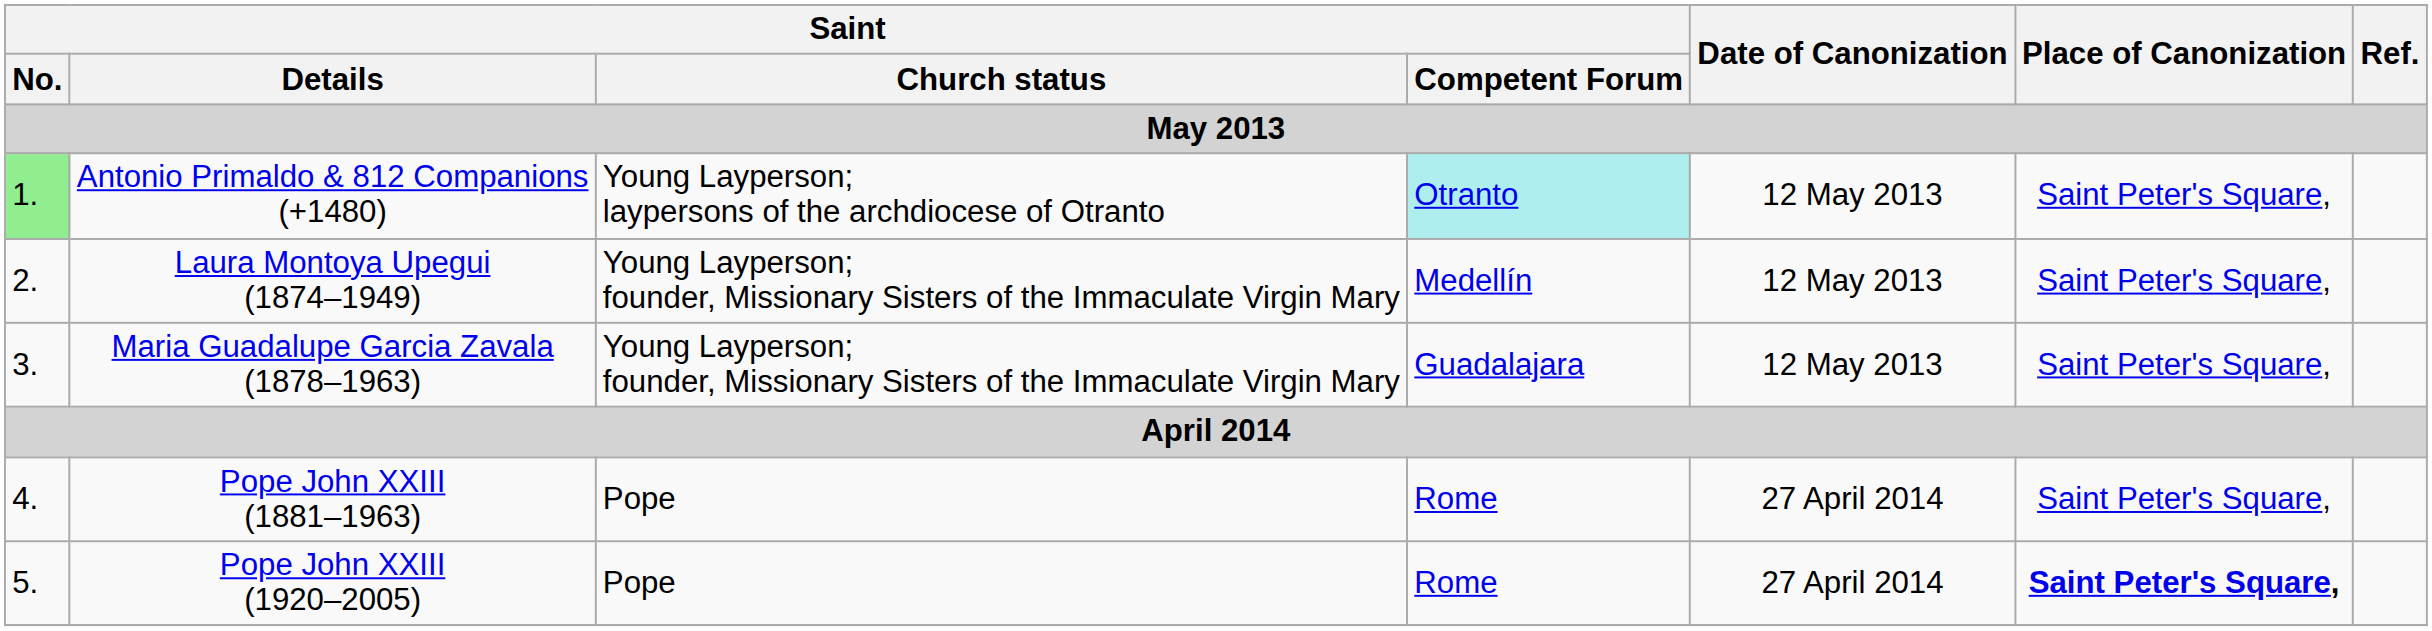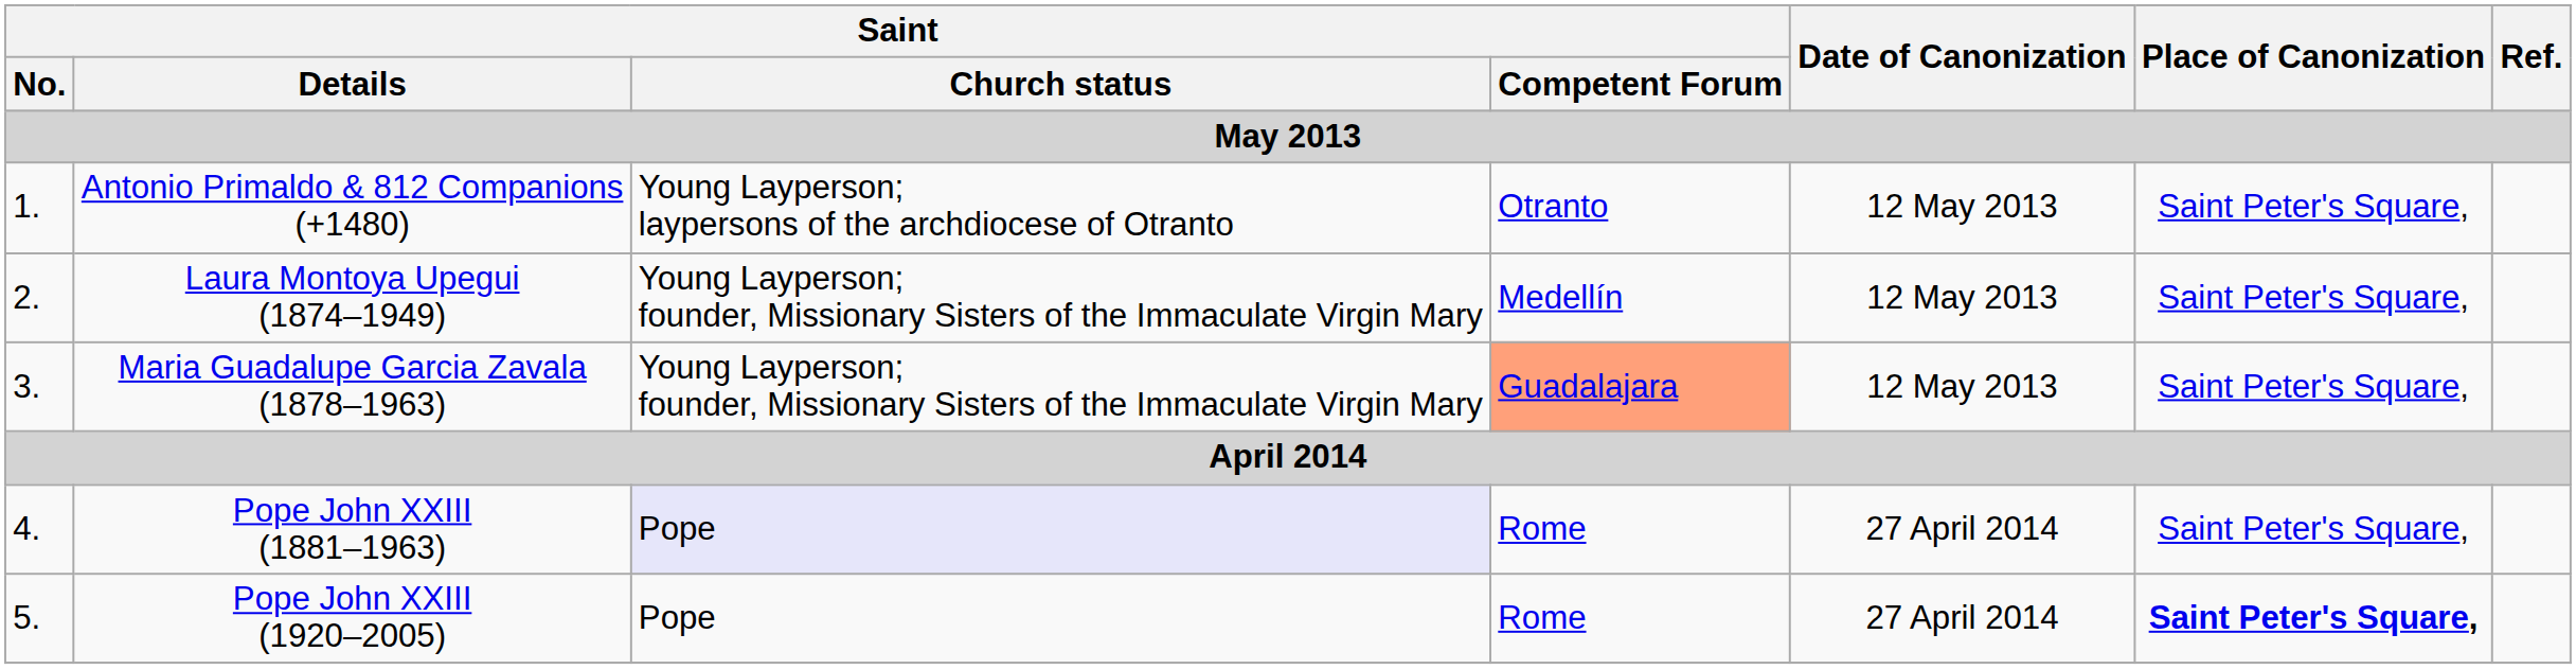 <table class="wikitable">
 <tr>
 <th colspan=4>Saint</th>
 <th rowspan=2>Date of Canonization</th>
 <th rowspan=2>Place of Canonization</th>
 <th rowspan=2>Ref.</th>
 </tr>
 <tr>
 <th>No.</th>
 <th>Details</th>
 <th>Church status</th>
 <th>Competent Forum</th>
 </tr>
 <tr id="May">
 <td colspan="7" align=center style="background:lightgray;white-space:nowrap"><strong>May 2013</strong></td>
 </tr>
 <tr>
-<td style="background: lightgreen;">1.</td>
+<td>1.</td>
 <td align="center"><a href='#'>Antonio Primaldo & 812 Companions</a><br>(+1480)</td>
 <td>Young Layperson; <br>laypersons of the archdiocese of Otranto</td>
-<td style="background: paleturquoise;"><a href='#'>Otranto</a></td>
+<td><a href='#'>Otranto</a></td>
 <td align="center">12 May 2013</td>
 <td align="center"><a href='#'>Saint Peter's Square</a>, </td>
 <td></td>
 </tr>
 <tr>
 <td>2.</td>
 <td align="center"><a href='#'>Laura Montoya Upegui</a><br>(1874–1949)</td>
 <td>Young Layperson; <br>founder, Missionary Sisters of the Immaculate Virgin Mary</td>
 <td><a href='#'>Medellín</a></td>
 <td align="center">12 May 2013</td>
 <td align="center"><a href='#'>Saint Peter's Square</a>, </td>
 <td></td>
 </tr>
 <tr>
 <td>3.</td>
 <td align="center"><a href='#'>Maria Guadalupe Garcia Zavala</a> <br>(1878–1963)</td>
 <td>Young Layperson; <br>founder, Missionary Sisters of the Immaculate Virgin Mary</td>
-<td><a href='#'>Guadalajara</a></td>
+<td style="background: lightsalmon;"><a href='#'>Guadalajara</a></td>
 <td align="center">12 May 2013</td>
 <td align="center"><a href='#'>Saint Peter's Square</a>, </td>
 <td></td>
 </tr>
 <tr id="April">
 <td colspan="7" align=center style="background:lightgray;white-space:nowrap"><strong>April 2014</strong></td>
 </tr>
 <tr>
 <td>4.</td>
 <td align="center"><a href='#'>Pope John XXIII</a> <br>(1881–1963)</td>
-<td>Pope</td>
+<td style="background: lavender;">Pope</td>
 <td><a href='#'>Rome</a></td>
 <td align="center">27 April 2014</td>
 <td align="center"><a href='#'>Saint Peter's Square</a>, </td>
 <td></td>
 </tr>
 <tr>
 <td>5.</td>
 <td align="center"><a href='#'>Pope John XXIII</a> <br>(1920–2005)</td>
 <td>Pope</td>
 <td><a href='#'>Rome</a></td>
 <td align="center">27 April 2014</td>
 <td align="center"><strong><a href='#'>Saint Peter's Square</a>, </strong></td>
 <td></td>
 </tr>
 <tr>
 </tr>
 </table>
